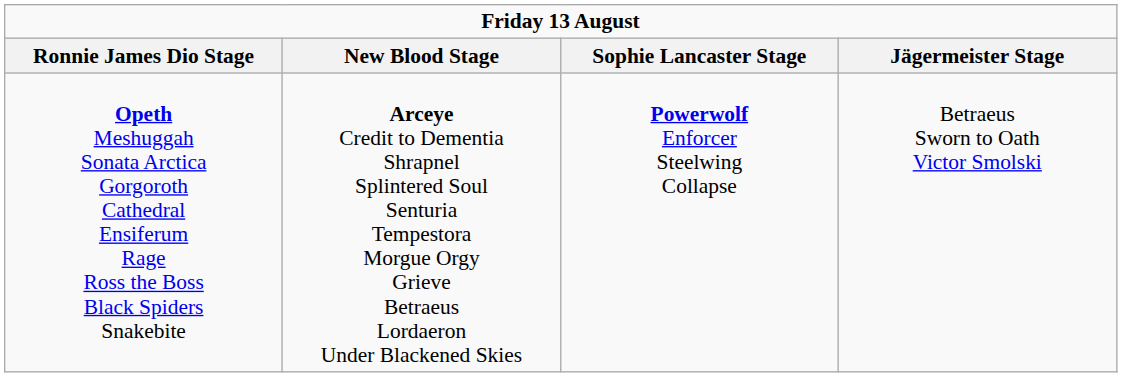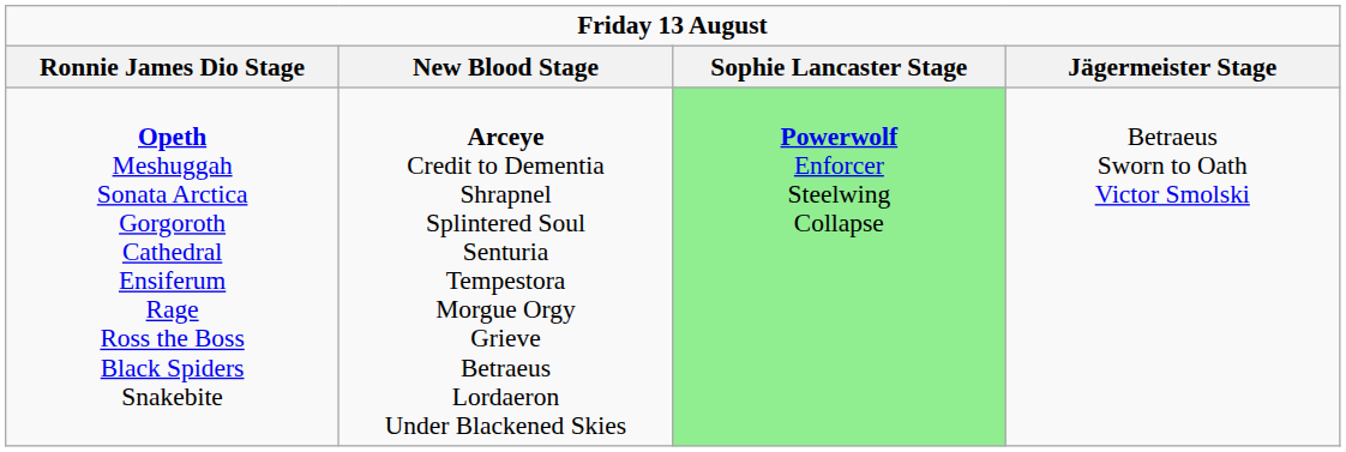 <table class="wikitable">
 <tr>
 <td colspan="4" align="center"><strong>Friday 13 August</strong></td>
 </tr>
 <tr>
 <th>Ronnie James Dio Stage</th>
 <th>New Blood Stage</th>
 <th>Sophie Lancaster Stage</th>
 <th>Jägermeister Stage</th>
 </tr>
 <tr>
 <td valign="top" align="center" width=200><br><strong><a href='#'>Opeth</a></strong><br> <a href='#'>Meshuggah</a><br> <a href='#'>Sonata Arctica</a><br> <a href='#'>Gorgoroth</a><br> <a href='#'>Cathedral</a><br> <a href='#'>Ensiferum</a><br> <a href='#'>Rage</a><br> <a href='#'>Ross the Boss</a><br> <a href='#'>Black Spiders</a><br> Snakebite<br></td>
 <td valign="top" align="center" width=200><br><strong>Arceye</strong><br> Credit to Dementia<br> Shrapnel<br> Splintered Soul<br> Senturia<br> Tempestora<br> Morgue Orgy<br> Grieve<br> Betraeus<br> Lordaeron<br> Under Blackened Skies<br></td>
-<td valign="top" align="center" width=200><br><strong><a href='#'>Powerwolf</a></strong><br> <a href='#'>Enforcer</a><br> Steelwing<br> Collapse<br></td>
+<td valign="top" align="center" width=200 style="background: lightgreen;"><br><strong><a href='#'>Powerwolf</a></strong><br> <a href='#'>Enforcer</a><br> Steelwing<br> Collapse<br></td>
 <td valign="top" align="center" width=200><br>Betraeus<br> Sworn to Oath<br> <a href='#'>Victor Smolski</a></td>
 </tr>
 </table>
